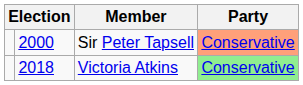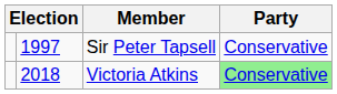 <table class="wikitable">
 <tr>
 <th colspan="2">Election</th>
 <th>Member</th>
 <th>Party</th>
 </tr>
 <tr>
 <td style="color:inherit;background-color: "></td>
-<td><a href='#'>2000</a></td>
+<td><a href='#'>1997</a></td>
 <td>Sir <a href='#'>Peter Tapsell</a></td>
-<td style="background: lightsalmon;"><a href='#'>Conservative</a></td>
+<td><a href='#'>Conservative</a></td>
 </tr>
 <tr>
 <td style="color:inherit;background-color: "></td>
 <td><a href='#'>2018</a></td>
 <td><a href='#'>Victoria Atkins</a></td>
 <td style="background: lightgreen;"><a href='#'>Conservative</a></td>
 </tr>
 <tr>
 </tr>
 </table>
